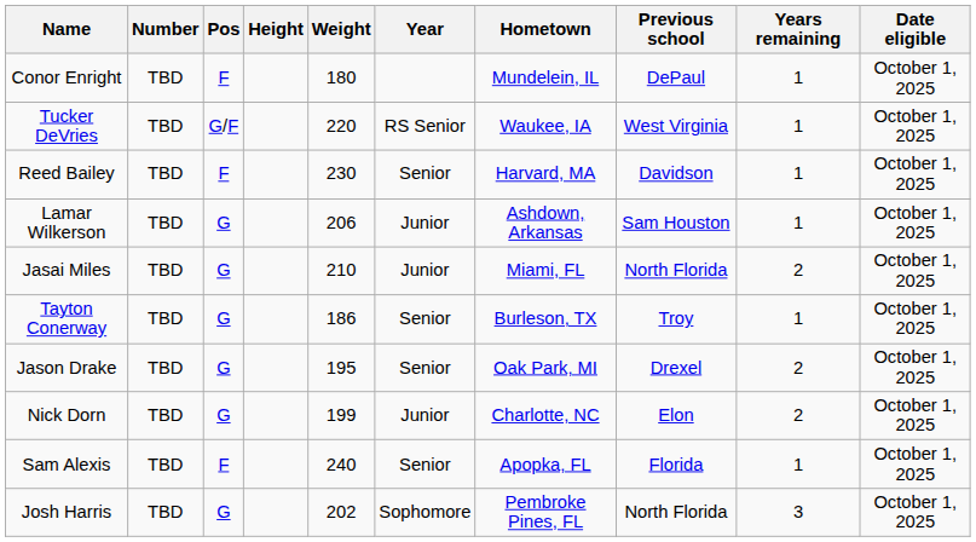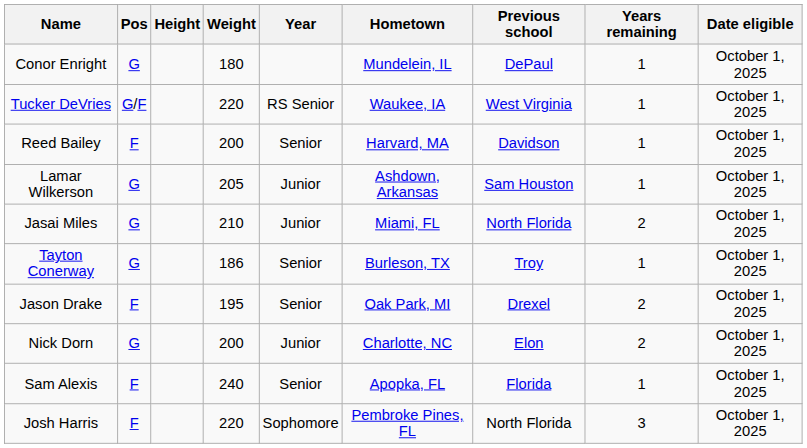 <table class="wikitable sortable sortable" style="text-align: center">
 <tr align="center">
 <th>Name</th>
-<th>Number</th>
 <th>Pos</th>
 <th>Height</th>
 <th>Weight</th>
 <th>Year</th>
 <th>Hometown</th>
 <th>Previous school</th>
 <th>Years remaining</th>
 <th>Date eligible</th>
 </tr>
 <tr>
 <td>Conor Enright</td>
-<td>TBD</td>
-<td><a href='#'>F</a></td>
+<td><a href='#'>G</a></td>
 <td></td>
 <td>180</td>
 <td></td>
 <td><a href='#'>Mundelein, IL</a></td>
 <td><a href='#'>DePaul</a></td>
 <td>1</td>
 <td>October 1, 2025</td>
 </tr>
 <tr>
 <td><a href='#'>Tucker DeVries</a></td>
-<td>TBD</td>
 <td><a href='#'>G</a>/<a href='#'>F</a></td>
 <td></td>
 <td>220</td>
 <td>RS Senior</td>
 <td><a href='#'>Waukee, IA</a></td>
 <td><a href='#'>West Virginia</a></td>
 <td>1</td>
 <td>October 1, 2025</td>
 </tr>
 <tr>
 <td>Reed Bailey</td>
-<td>TBD</td>
 <td><a href='#'>F</a></td>
 <td></td>
-<td>230</td>
+<td>200</td>
 <td>Senior</td>
 <td><a href='#'>Harvard, MA</a></td>
 <td><a href='#'>Davidson</a></td>
 <td>1</td>
 <td>October 1, 2025</td>
 </tr>
 <tr>
 <td>Lamar Wilkerson</td>
-<td>TBD</td>
 <td><a href='#'>G</a></td>
 <td></td>
-<td>206</td>
+<td>205</td>
 <td>Junior</td>
 <td><a href='#'>Ashdown, Arkansas</a></td>
 <td><a href='#'>Sam Houston</a></td>
 <td>1</td>
 <td>October 1, 2025</td>
 </tr>
 <tr>
 <td>Jasai Miles</td>
-<td>TBD</td>
 <td><a href='#'>G</a></td>
 <td></td>
 <td>210</td>
 <td>Junior</td>
 <td><a href='#'>Miami, FL</a></td>
 <td><a href='#'>North Florida</a></td>
 <td>2</td>
 <td>October 1, 2025</td>
 </tr>
 <tr>
 <td><a href='#'>Tayton Conerway</a></td>
-<td>TBD</td>
 <td><a href='#'>G</a></td>
 <td></td>
 <td>186</td>
 <td>Senior</td>
 <td><a href='#'>Burleson, TX</a></td>
 <td><a href='#'>Troy</a></td>
 <td>1</td>
 <td>October 1, 2025</td>
 </tr>
 <tr>
 <td>Jason Drake</td>
-<td>TBD</td>
-<td><a href='#'>G</a></td>
+<td><a href='#'>F</a></td>
 <td></td>
 <td>195</td>
 <td>Senior</td>
 <td><a href='#'>Oak Park, MI</a></td>
 <td><a href='#'>Drexel</a></td>
 <td>2</td>
 <td>October 1, 2025</td>
 </tr>
 <tr>
 <td>Nick Dorn</td>
-<td>TBD</td>
 <td><a href='#'>G</a></td>
 <td></td>
-<td>199</td>
+<td>200</td>
 <td>Junior</td>
 <td><a href='#'>Charlotte, NC</a></td>
 <td><a href='#'>Elon</a></td>
 <td>2</td>
 <td>October 1, 2025</td>
 </tr>
 <tr>
 <td>Sam Alexis</td>
-<td>TBD</td>
 <td><a href='#'>F</a></td>
 <td></td>
 <td>240</td>
 <td>Senior</td>
 <td><a href='#'>Apopka, FL</a></td>
 <td><a href='#'>Florida</a></td>
 <td>1</td>
 <td>October 1, 2025</td>
 </tr>
 <tr>
 <td>Josh Harris</td>
-<td>TBD</td>
-<td><a href='#'>G</a></td>
+<td><a href='#'>F</a></td>
 <td></td>
-<td>202</td>
+<td>220</td>
 <td>Sophomore</td>
 <td><a href='#'>Pembroke Pines, FL</a></td>
 <td>North Florida</td>
 <td>3</td>
 <td>October 1, 2025</td>
 </tr>
 </table>
